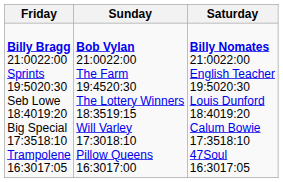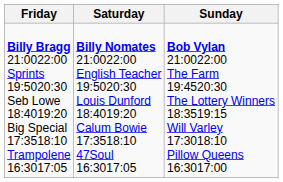 <table class="wikitable">
 <tr>
 <th>Friday</th>
+<th>Saturday</th>
 <th>Sunday</th>
-<th>Saturday</th>
 </tr>
 <tr valign="top">
 <td><br><strong><a href='#'>Billy Bragg</a></strong><br>21:0022:00<br> <a href='#'>Sprints</a><br>19:5020:30<br> Seb Lowe<br>18:4019:20<br> Big Special<br>17:3518:10<br> <a href='#'>Trampolene</a><br>16:3017:05</td>
+<td><br><strong><a href='#'>Billy Nomates</a></strong><br>21:0022:00<br> <a href='#'>English Teacher</a><br>19:5020:30<br> <a href='#'>Louis Dunford</a><br>18:4019:20<br> <a href='#'>Calum Bowie</a><br>17:3518:10<br> <a href='#'>47Soul</a><br>16:3017:05</td>
 <td><br><strong><a href='#'>Bob Vylan</a></strong><br>21:0022:00<br> <a href='#'>The Farm</a><br>19:4520:30<br> <a href='#'>The Lottery Winners</a><br>18:3519:15<br> <a href='#'>Will Varley</a><br>17:3018:10<br> <a href='#'>Pillow Queens</a><br>16:3017:00</td>
-<td><br><strong><a href='#'>Billy Nomates</a></strong><br>21:0022:00<br> <a href='#'>English Teacher</a><br>19:5020:30<br> <a href='#'>Louis Dunford</a><br>18:4019:20<br> <a href='#'>Calum Bowie</a><br>17:3518:10<br> <a href='#'>47Soul</a><br>16:3017:05</td>
 </tr>
 </table>
